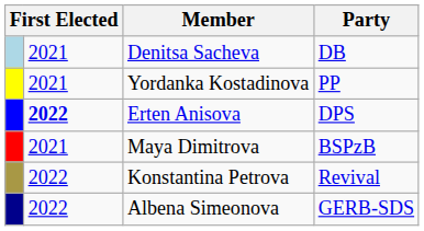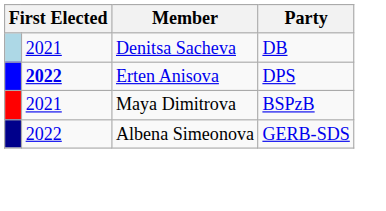 <table class="wikitable">
 <tr>
 <th colspan="2">First Elected</th>
 <th>Member</th>
 <th>Party</th>
 </tr>
 <tr>
 <td style="background-color: lightblue"></td>
 <td><a href='#'>2021</a></td>
 <td><a href='#'>Denitsa Sacheva</a></td>
 <td><a href='#'>DB</a></td>
-</tr>
-<tr>
-<td style="background-color: yellow"></td>
-<td><a href='#'>2021</a></td>
-<td>Yordanka Kostadinova</td>
-<td><a href='#'>PP</a></td>
 </tr>
 <tr>
 <td style="background-color: blue"></td>
 <td><strong><a href='#'>2022</a></strong></td>
 <td><a href='#'>Erten Anisova</a></td>
 <td><a href='#'>DPS</a></td>
 </tr>
 <tr>
 <td style="background-color: red"></td>
 <td><a href='#'>2021</a></td>
 <td>Maya Dimitrova</td>
 <td><a href='#'>BSPzB</a></td>
 </tr>
 <tr>
-<td style="background-color: #a89845"></td>
-<td><a href='#'>2022</a></td>
-<td>Konstantina Petrova</td>
-<td><a href='#'>Revival</a></td>
-</tr>
-<tr>
 <td style="background-color: darkblue"></td>
 <td><a href='#'>2022</a></td>
 <td>Albena Simeonova</td>
 <td><a href='#'>GERB-SDS</a></td>
 </tr>
 </table>
